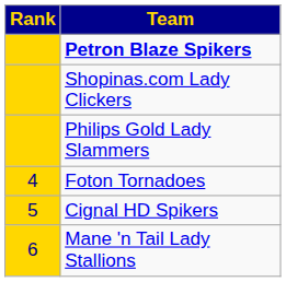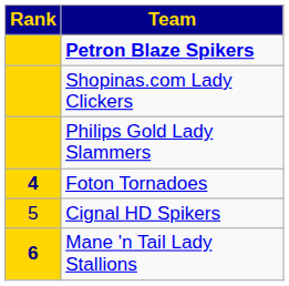 <table class="wikitable" style="text-align: center;">
 <tr>
 <th width=40 style="background:#00008B; color:#FFD700;">Rank</th>
 <th width=180 style="background:#00008B; color:#FFD700;">Team</th>
 </tr>
 <tr>
 <td style="background:#FFD700; color:#00008B;"></td>
 <td style="text-align:left;"><strong><a href='#'>Petron Blaze Spikers</a></strong></td>
 </tr>
 <tr>
 <td style="background:#FFD700; color:#00008B;"></td>
 <td style="text-align:left;"><a href='#'>Shopinas.com Lady Clickers</a></td>
 </tr>
 <tr>
 <td style="background:#FFD700; color:#00008B;"></td>
 <td style="text-align:left;"><a href='#'>Philips Gold Lady Slammers</a></td>
 </tr>
 <tr>
-<td style="background:#FFD700; color:#00008B;">4</td>
+<td style="background:#FFD700; color:#00008B;"><strong>4</strong></td>
 <td style="text-align:left;"><a href='#'>Foton Tornadoes</a></td>
 </tr>
 <tr>
 <td style="background:#FFD700; color:#00008B;">5</td>
 <td style="text-align:left;"><a href='#'>Cignal HD Spikers</a></td>
 </tr>
 <tr>
-<td style="background:#FFD700; color:#00008B;">6</td>
+<td style="background:#FFD700; color:#00008B;"><strong>6</strong></td>
 <td style="text-align:left;"><a href='#'>Mane 'n Tail Lady Stallions</a></td>
 </tr>
 </table>
